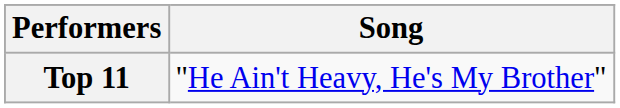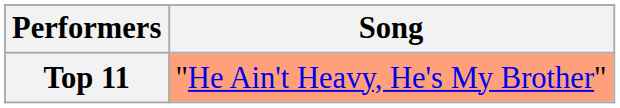 <table class="wikitable unsortable" style="text-align:center;">
 <tr>
 <th scope="col">Performers</th>
 <th scope="col">Song</th>
 </tr>
 <tr>
 <th scope="row">Top 11</th>
-<td>"<a href='#'>He Ain't Heavy, He's My Brother</a>"</td>
+<td style="background: lightsalmon;">"<a href='#'>He Ain't Heavy, He's My Brother</a>"</td>
 </tr>
 </table>
